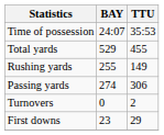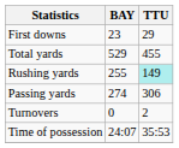 <table class="wikitable" style="float: left;">
 <tr>
 <th>Statistics</th>
 <th>BAY</th>
 <th>TTU</th>
 </tr>
 <tr>
-<td>Time of possession</td>
-<td>24:07</td>
-<td>35:53</td>
+<td>First downs</td>
+<td>23</td>
+<td>29</td>
 </tr>
 <tr>
 <td>Total yards</td>
 <td>529</td>
 <td>455</td>
 </tr>
 <tr>
 <td>Rushing yards</td>
 <td>255</td>
-<td>149</td>
+<td style="background: paleturquoise;">149</td>
 </tr>
 <tr>
 <td>Passing yards</td>
 <td>274</td>
 <td>306</td>
 </tr>
 <tr>
 <td>Turnovers</td>
 <td>0</td>
 <td>2</td>
 </tr>
 <tr>
-<td>First downs</td>
-<td>23</td>
-<td>29</td>
+<td>Time of possession</td>
+<td>24:07</td>
+<td>35:53</td>
 </tr>
 <tr>
 </tr>
 </table>
